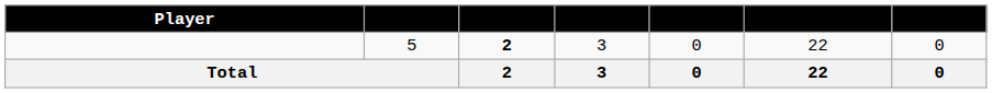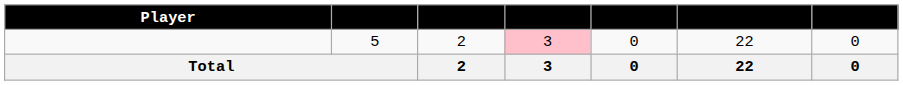 <table class="wikitable sortable" style="width:60%; text-align:center;">
 <tr>
 <th style="color:white; background:#000000; ">Player</th>
 <th style="color:white; background:#000000; "></th>
 <th style="color:white; background:#000000; "></th>
 <th style="color:white; background:#000000; "></th>
 <th style="color:white; background:#000000; "></th>
 <th style="color:white; background:#000000; "></th>
 <th style="color:white; background:#000000; "></th>
 </tr>
 <tr>
 <td></td>
 <td>5</td>
-<td><strong>2</strong></td>
-<td>3</td>
+<td>2</td>
+<td style="background: pink;">3</td>
 <td>0</td>
 <td>22</td>
 <td>0</td>
 </tr>
 <tr class="sortbottom">
 <th colspan=2>Total</th>
 <th>2</th>
 <th>3</th>
 <th>0</th>
 <th>22</th>
 <th>0</th>
 </tr>
 </table>
